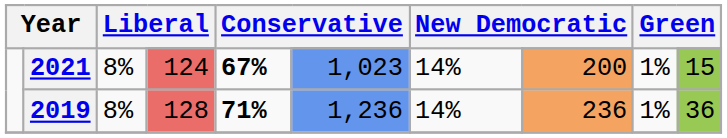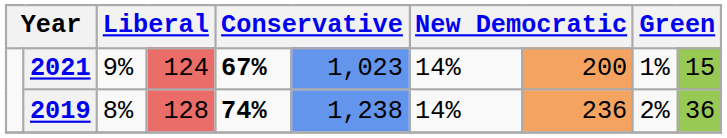 <table class="wikitable" style="width:400; font-size:90%; margin-left:1em;">
 <tr>
 <th colspan="2" scope="col">Year</th>
 <th colspan="2" scope="col"><a href='#'>Liberal</a></th>
 <th colspan="2" scope="col"><a href='#'>Conservative</a></th>
 <th colspan="2" scope="col"><a href='#'>New Democratic</a></th>
 <th colspan="2" scope="col"><a href='#'>Green</a></th>
 </tr>
 <tr>
 <td rowspan="2" style="width: 0.25em; background-color: "></td>
 <th><a href='#'>2021</a></th>
-<td>8%</td>
+<td>9%</td>
 <td style="text-align:right; background:#EA6D6A;">124</td>
 <td><strong>67%</strong></td>
 <td style="text-align:right; background:#6495ED;">1,023</td>
 <td>14%</td>
 <td style="text-align:right; background:#F4A460;">200</td>
 <td>1%</td>
 <td style="text-align:right; background:#99C955;">15</td>
 </tr>
 <tr>
 <th><a href='#'>2019</a></th>
 <td>8%</td>
 <td style="text-align:right; background:#EA6D6A;">128</td>
-<td><strong>71%</strong></td>
-<td style="text-align:right; background:#6495ED;">1,236</td>
+<td><strong>74%</strong></td>
+<td style="text-align:right; background:#6495ED;">1,238</td>
 <td>14%</td>
 <td style="text-align:right; background:#F4A460;">236</td>
-<td>1%</td>
+<td>2%</td>
 <td style="text-align:right; background:#99C955;">36</td>
 </tr>
 <tr>
 </tr>
 </table>
